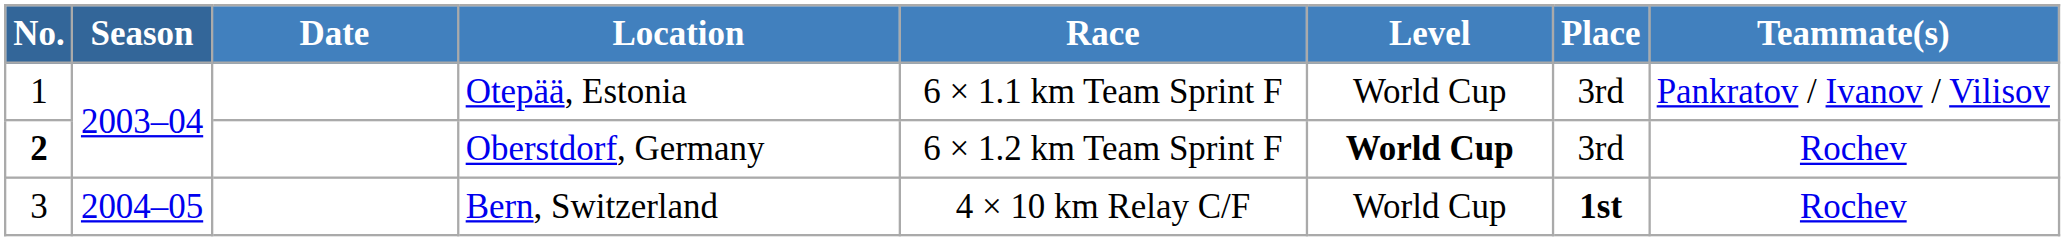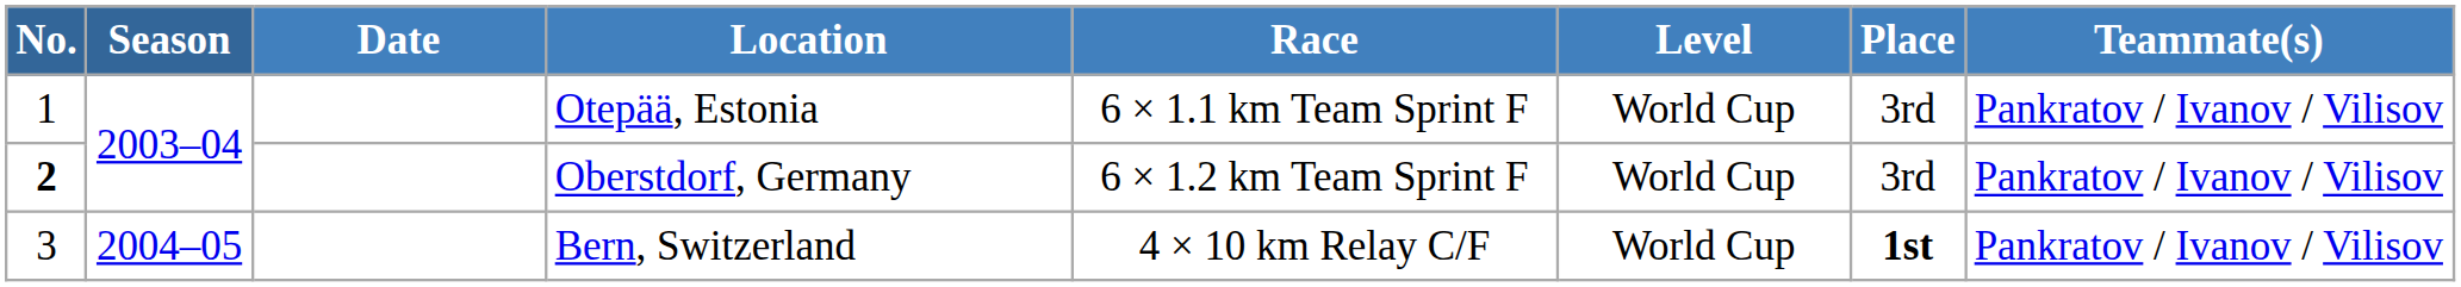 <table class="wikitable sortable" style="font-size:95%; text-align:center; border:grey solid 1px; border-collapse:collapse; background:#ffffff;">
 <tr style="background:#efefef;">
 <th style="background-color:#369; color:white;">No.</th>
 <th style="background-color:#369; color:white;">Season</th>
 <th style="background-color:#4180be; color:white; width:100px;">Date</th>
 <th style="background-color:#4180be; color:white; width:185px;">Location</th>
 <th style="background-color:#4180be; color:white; width:170px;">Race</th>
 <th style="background-color:#4180be; color:white; width:100px;">Level</th>
 <th style="background-color:#4180be; color:white;">Place</th>
 <th style="background-color:#4180be; color:white;">Teammate(s)</th>
 </tr>
 <tr>
 <td>1</td>
 <td rowspan="2"><a href='#'>2003–04</a></td>
 <td style="text-align: right;"></td>
 <td style="text-align: left;"> <a href='#'>Otepää</a>, Estonia</td>
 <td>6 × 1.1 km Team Sprint F</td>
 <td>World Cup</td>
 <td>3rd</td>
 <td><a href='#'>Pankratov</a> / <a href='#'>Ivanov</a> / <a href='#'>Vilisov</a></td>
 </tr>
 <tr>
 <td><strong>2</strong></td>
 <td style="text-align: right;"></td>
 <td style="text-align: left;"> <a href='#'>Oberstdorf</a>, Germany</td>
 <td>6 × 1.2 km Team Sprint F</td>
-<td><strong>World Cup</strong></td>
+<td>World Cup</td>
 <td>3rd</td>
-<td><a href='#'>Rochev</a></td>
+<td><a href='#'>Pankratov</a> / <a href='#'>Ivanov</a> / <a href='#'>Vilisov</a></td>
 </tr>
 <tr>
 <td>3</td>
 <td><a href='#'>2004–05</a></td>
 <td style="text-align: right;"></td>
 <td style="text-align: left;"> <a href='#'>Bern</a>, Switzerland</td>
 <td>4 × 10 km Relay C/F</td>
 <td>World Cup</td>
 <td><strong>1st</strong></td>
-<td><a href='#'>Rochev</a></td>
+<td><a href='#'>Pankratov</a> / <a href='#'>Ivanov</a> / <a href='#'>Vilisov</a></td>
 </tr>
 </table>
